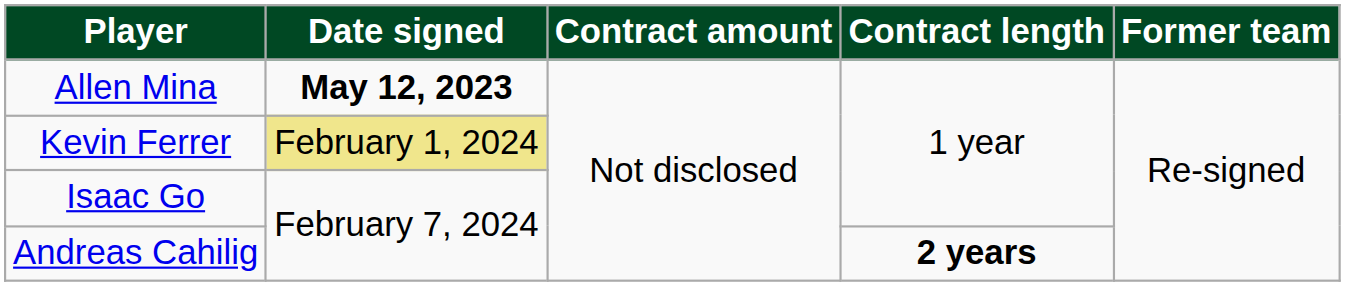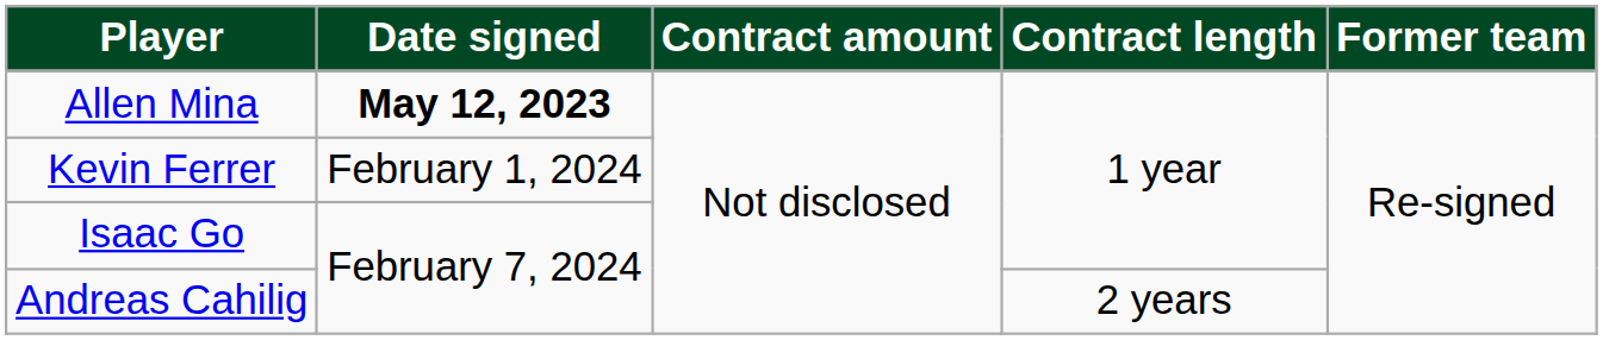 <table class="wikitable sortable sortable">
 <tr>
 <th style="background:#004823; color:#FFFFFF; ">Player</th>
 <th style="background:#004823; color:#FFFFFF; ">Date signed</th>
 <th style="background:#004823; color:#FFFFFF; ">Contract amount</th>
 <th style="background:#004823; color:#FFFFFF; ">Contract length</th>
 <th style="background:#004823; color:#FFFFFF; ">Former team</th>
 </tr>
 <tr>
 <td align=center><a href='#'>Allen Mina</a></td>
 <td align=center><strong>May 12, 2023</strong></td>
 <td align=center rowspan=4>Not disclosed</td>
 <td align=center rowspan=3>1 year</td>
 <td align=center rowspan=4>Re-signed</td>
 </tr>
 <tr>
 <td align=center><a href='#'>Kevin Ferrer</a></td>
-<td align=center style="background: khaki;">February 1, 2024</td>
+<td align=center>February 1, 2024</td>
 </tr>
 <tr>
 <td align=center><a href='#'>Isaac Go</a></td>
 <td align=center rowspan=2>February 7, 2024</td>
 </tr>
 <tr>
 <td align=center><a href='#'>Andreas Cahilig</a></td>
-<td align=center><strong>2 years</strong></td>
+<td align=center>2 years</td>
 </tr>
 </table>
